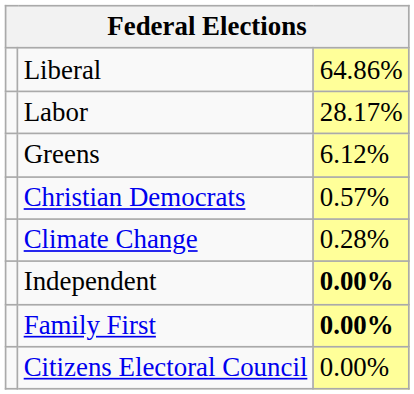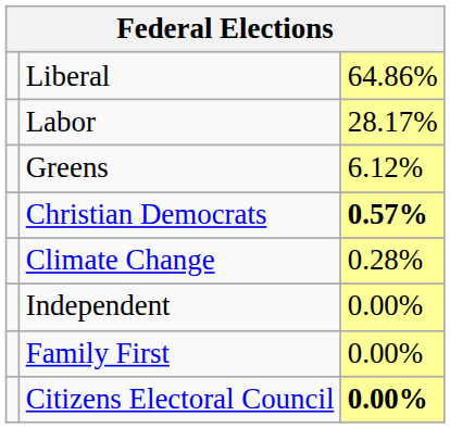 <table class="wikitable" style="float:right; margin-left:1em">
 <tr>
 <th colspan = 3>Federal Elections</th>
 </tr>
 <tr>
 <td></td>
 <td>Liberal</td>
 <td bgcolor="FFFF99">64.86%</td>
 </tr>
 <tr>
 <td></td>
 <td>Labor</td>
 <td bgcolor="FFFF99">28.17%</td>
 </tr>
 <tr>
 <td></td>
 <td>Greens</td>
 <td bgcolor="FFFF99">6.12%</td>
 </tr>
 <tr>
 <td></td>
 <td><a href='#'>Christian Democrats</a></td>
-<td bgcolor="FFFF99">0.57%</td>
+<td bgcolor="FFFF99"><strong>0.57%</strong></td>
 </tr>
 <tr>
 <td></td>
 <td><a href='#'>Climate Change</a></td>
 <td bgcolor="FFFF99">0.28%</td>
 </tr>
 <tr>
 <td></td>
 <td>Independent</td>
-<td bgcolor="FFFF99"><strong>0.00%</strong></td>
+<td bgcolor="FFFF99">0.00%</td>
 </tr>
 <tr>
 <td></td>
 <td><a href='#'>Family First</a></td>
-<td bgcolor="FFFF99"><strong>0.00%</strong></td>
+<td bgcolor="FFFF99">0.00%</td>
 </tr>
 <tr>
 <td></td>
 <td><a href='#'>Citizens Electoral Council</a></td>
-<td bgcolor="FFFF99">0.00%</td>
+<td bgcolor="FFFF99"><strong>0.00%</strong></td>
 </tr>
 </table>
